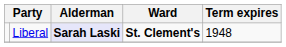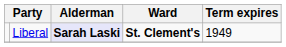 <table class="wikitable">
 <tr>
 <th colspan="2">Party</th>
 <th>Alderman</th>
 <th>Ward</th>
 <th>Term expires</th>
 </tr>
 <tr>
 <td style="background-color:"></td>
 <td><a href='#'>Liberal</a></td>
 <td style="background: lavender;"><strong>Sarah Laski</strong></td>
 <td><strong>St. Clement's</strong></td>
-<td>1948</td>
+<td>1949</td>
 </tr>
 <tr>
 </tr>
 </table>
